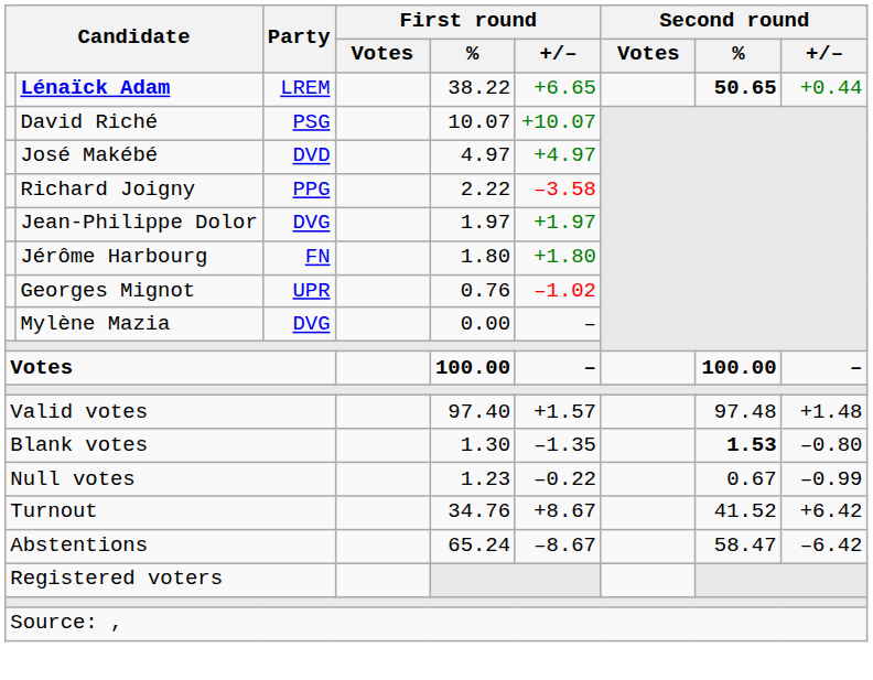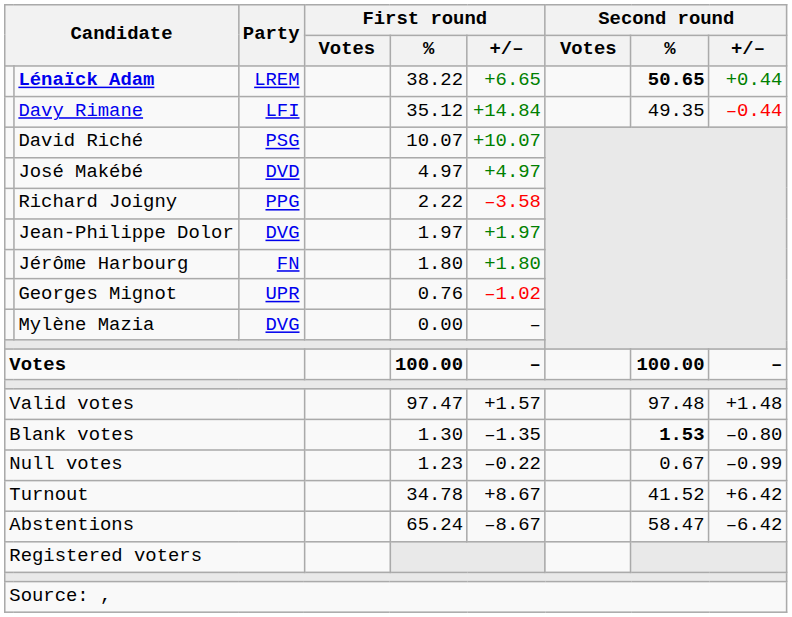 <table class="wikitable" style="text-align:right;font-size:95%;">
 <tr>
 <th rowspan="2" colspan="2">Candidate</th>
 <th rowspan="2">Party</th>
 <th colspan="3">First round</th>
 <th colspan="3">Second round</th>
 </tr>
 <tr>
 <th style="width:50px;">Votes</th>
 <th style="width:45px;">%</th>
 <th style="width:45px;">+/–</th>
 <th style="width:50px;">Votes</th>
 <th style="width:45px;">%</th>
 <th style="width:45px;">+/–</th>
 </tr>
 <tr>
 <td style="background:"></td>
 <td style="text-align:left;"><strong><a href='#'>Lénaïck Adam</a></strong></td>
 <td><a href='#'>LREM</a></td>
 <td></td>
 <td>38.22</td>
 <td style="color:green;">+6.65</td>
 <td><strong></strong></td>
 <td><strong>50.65</strong></td>
 <td style="color:green;">+0.44</td>
+</tr>
+<tr>
+<td style="background:"></td>
+<td style="text-align:left;"><a href='#'>Davy Rimane</a></td>
+<td><a href='#'>LFI</a></td>
+<td></td>
+<td>35.12</td>
+<td style="color:green;">+14.84</td>
+<td></td>
+<td>49.35</td>
+<td style="color:red;">–0.44</td>
 </tr>
 <tr>
 <td style="background:"></td>
 <td style="text-align:left;">David Riché</td>
 <td><a href='#'>PSG</a></td>
 <td></td>
 <td>10.07</td>
 <td style="color:green;">+10.07</td>
 <td colspan="3" rowspan="8" style="background:#E9E9E9;"></td>
 </tr>
 <tr>
 <td style="background:"></td>
 <td style="text-align:left;">José Makébé</td>
 <td><a href='#'>DVD</a></td>
 <td></td>
 <td>4.97</td>
 <td style="color:green;">+4.97</td>
 </tr>
 <tr>
 <td style="background:"></td>
 <td style="text-align:left;">Richard Joigny</td>
 <td><a href='#'>PPG</a></td>
 <td></td>
 <td>2.22</td>
 <td style="color:red;">–3.58</td>
 </tr>
 <tr>
 <td style="background:"></td>
 <td style="text-align:left;">Jean-Philippe Dolor</td>
 <td><a href='#'>DVG</a></td>
 <td></td>
 <td>1.97</td>
 <td style="color:green;">+1.97</td>
 </tr>
 <tr>
 <td style="background:"></td>
 <td style="text-align:left;">Jérôme Harbourg</td>
 <td><a href='#'>FN</a></td>
 <td></td>
 <td>1.80</td>
 <td style="color:green;">+1.80</td>
 </tr>
 <tr>
 <td style="background:"></td>
 <td style="text-align:left;">Georges Mignot</td>
 <td><a href='#'>UPR</a></td>
 <td></td>
 <td>0.76</td>
 <td style="color:red;">–1.02</td>
 </tr>
 <tr>
 <td style="background:"></td>
 <td style="text-align:left;">Mylène Mazia</td>
 <td><a href='#'>DVG</a></td>
 <td></td>
 <td>0.00</td>
 <td>–</td>
 </tr>
 <tr>
 <td colspan="9" style="background:#E9E9E9;"></td>
 </tr>
 <tr style="font-weight:bold;">
 <td colspan="3" style="text-align:left;">Votes</td>
 <td></td>
 <td>100.00</td>
 <td>–</td>
 <td></td>
 <td>100.00</td>
 <td>–</td>
 </tr>
 <tr>
 <td colspan="9" style="background:#E9E9E9;"></td>
 </tr>
 <tr>
 <td colspan="3" style="text-align:left;">Valid votes</td>
 <td></td>
-<td>97.40</td>
+<td>97.47</td>
 <td>+1.57</td>
 <td></td>
 <td>97.48</td>
 <td>+1.48</td>
 </tr>
 <tr>
 <td colspan="3" style="text-align:left;">Blank votes</td>
 <td></td>
 <td>1.30</td>
 <td>–1.35</td>
 <td></td>
 <td><strong>1.53</strong></td>
 <td>–0.80</td>
 </tr>
 <tr>
 <td colspan="3" style="text-align:left;">Null votes</td>
 <td></td>
 <td>1.23</td>
 <td>–0.22</td>
 <td></td>
 <td>0.67</td>
 <td>–0.99</td>
 </tr>
 <tr>
 <td colspan="3" style="text-align:left;">Turnout</td>
 <td></td>
-<td>34.76</td>
+<td>34.78</td>
 <td>+8.67</td>
 <td></td>
 <td>41.52</td>
 <td>+6.42</td>
 </tr>
 <tr>
 <td colspan="3" style="text-align:left;">Abstentions</td>
 <td></td>
 <td>65.24</td>
 <td>–8.67</td>
 <td></td>
 <td>58.47</td>
 <td>–6.42</td>
 </tr>
 <tr>
 <td colspan="3" style="text-align:left;">Registered voters</td>
 <td></td>
 <td colspan="2" style="background:#E9E9E9;"></td>
 <td></td>
 <td colspan="2" style="background:#E9E9E9;"></td>
 </tr>
 <tr>
 <td colspan="9" style="background:#E9E9E9;"></td>
 </tr>
 <tr>
 <td colspan="9" style="text-align:left;">Source: , </td>
 </tr>
 </table>
